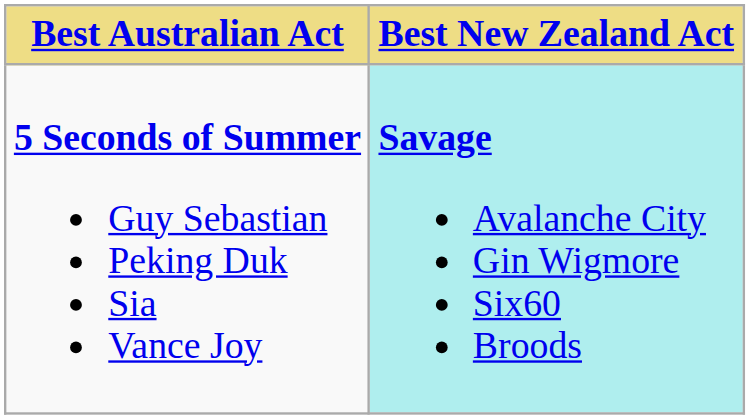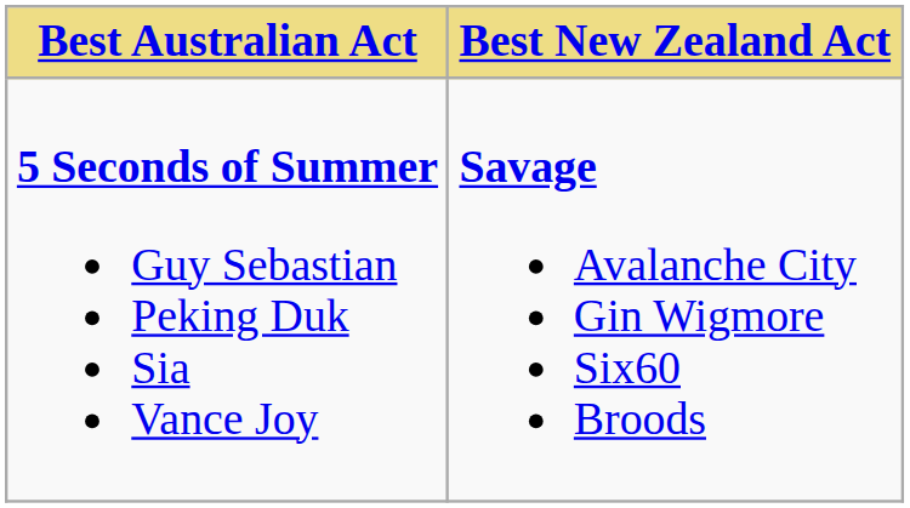 <table class=wikitable style="width=100%">
 <tr>
 <th style="background:#EEDD85; width=50%"><a href='#'>Best Australian Act</a></th>
 <th style="background:#EEDD85; width=50%"><a href='#'>Best New Zealand Act</a></th>
 </tr>
 <tr>
 <td valign="top"><br><strong><a href='#'>5 Seconds of Summer</a></strong><ul><li><a href='#'>Guy Sebastian</a></li><li><a href='#'>Peking Duk</a></li><li><a href='#'>Sia</a></li><li><a href='#'>Vance Joy</a></li></ul></td>
-<td valign="top" style="background: paleturquoise;"><br><strong><a href='#'>Savage</a></strong><ul><li><a href='#'>Avalanche City</a></li><li><a href='#'>Gin Wigmore</a></li><li><a href='#'>Six60</a></li><li><a href='#'>Broods</a></li></ul></td>
+<td valign="top"><br><strong><a href='#'>Savage</a></strong><ul><li><a href='#'>Avalanche City</a></li><li><a href='#'>Gin Wigmore</a></li><li><a href='#'>Six60</a></li><li><a href='#'>Broods</a></li></ul></td>
 </tr>
 </table>
